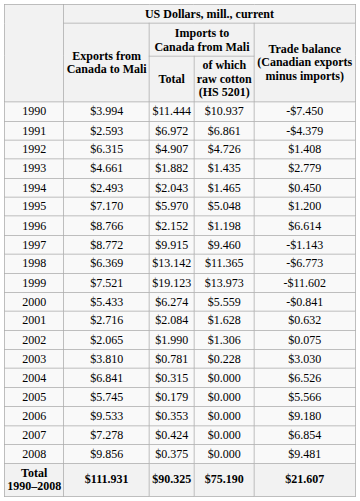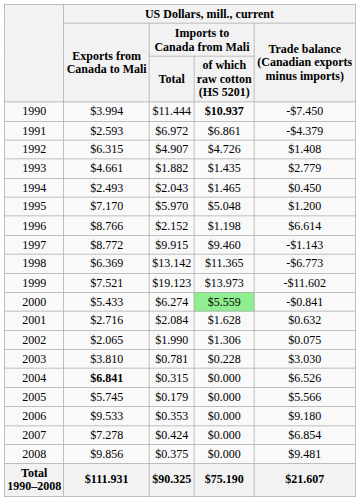 <table class="wikitable" style="text-align:center">
 <tr>
 <th rowspan="3"></th>
 <th colspan="4">US Dollars, mill., current</th>
 </tr>
 <tr>
 <th rowspan=2>Exports from <br>Canada to Mali</th>
 <th colspan=2>Imports to <br>Canada from Mali</th>
 <th rowspan=2>Trade balance <br>(Canadian exports <br>minus imports)</th>
 </tr>
 <tr>
 <th>Total</th>
 <th>of which <br>raw cotton<br> (HS 5201)</th>
 </tr>
 <tr>
 <td>1990</td>
 <td>$3.994</td>
 <td>$11.444</td>
-<td>$10.937</td>
+<td><strong>$10.937</strong></td>
 <td>-$7.450</td>
 </tr>
 <tr>
 <td>1991</td>
 <td>$2.593</td>
 <td>$6.972</td>
 <td>$6.861</td>
 <td>-$4.379</td>
 </tr>
 <tr>
 <td>1992</td>
 <td>$6.315</td>
 <td>$4.907</td>
 <td>$4.726</td>
 <td>$1.408</td>
 </tr>
 <tr>
 <td>1993</td>
 <td>$4.661</td>
 <td>$1.882</td>
 <td>$1.435</td>
 <td>$2.779</td>
 </tr>
 <tr>
 <td>1994</td>
 <td>$2.493</td>
 <td>$2.043</td>
 <td>$1.465</td>
 <td>$0.450</td>
 </tr>
 <tr>
 <td>1995</td>
 <td>$7.170</td>
 <td>$5.970</td>
 <td>$5.048</td>
 <td>$1.200</td>
 </tr>
 <tr>
 <td>1996</td>
 <td>$8.766</td>
 <td>$2.152</td>
 <td>$1.198</td>
 <td>$6.614</td>
 </tr>
 <tr>
 <td>1997</td>
 <td>$8.772</td>
 <td>$9.915</td>
 <td>$9.460</td>
 <td>-$1.143</td>
 </tr>
 <tr>
 <td>1998</td>
 <td>$6.369</td>
 <td>$13.142</td>
 <td>$11.365</td>
 <td>-$6.773</td>
 </tr>
 <tr>
 <td>1999</td>
 <td>$7.521</td>
 <td>$19.123</td>
 <td>$13.973</td>
 <td>-$11.602</td>
 </tr>
 <tr>
 <td>2000</td>
 <td>$5.433</td>
 <td>$6.274</td>
-<td>$5.559</td>
+<td style="background: lightgreen;">$5.559</td>
 <td>-$0.841</td>
 </tr>
 <tr>
 <td>2001</td>
 <td>$2.716</td>
 <td>$2.084</td>
 <td>$1.628</td>
 <td>$0.632</td>
 </tr>
 <tr>
 <td>2002</td>
 <td>$2.065</td>
 <td>$1.990</td>
 <td>$1.306</td>
 <td>$0.075</td>
 </tr>
 <tr>
 <td>2003</td>
 <td>$3.810</td>
 <td>$0.781</td>
 <td>$0.228</td>
 <td>$3.030</td>
 </tr>
 <tr>
 <td>2004</td>
-<td>$6.841</td>
+<td><strong>$6.841</strong></td>
 <td>$0.315</td>
 <td>$0.000</td>
 <td>$6.526</td>
 </tr>
 <tr>
 <td>2005</td>
 <td>$5.745</td>
 <td>$0.179</td>
 <td>$0.000</td>
 <td>$5.566</td>
 </tr>
 <tr>
 <td>2006</td>
 <td>$9.533</td>
 <td>$0.353</td>
 <td>$0.000</td>
 <td>$9.180</td>
 </tr>
 <tr>
 <td>2007</td>
 <td>$7.278</td>
 <td>$0.424</td>
 <td>$0.000</td>
 <td>$6.854</td>
 </tr>
 <tr>
 <td>2008</td>
 <td>$9.856</td>
 <td>$0.375</td>
 <td>$0.000</td>
 <td>$9.481</td>
 </tr>
 <tr>
 <th>Total<br>1990–2008</th>
 <th>$111.931</th>
 <th>$90.325</th>
 <th>$75.190</th>
 <th>$21.607</th>
 </tr>
 </table>
